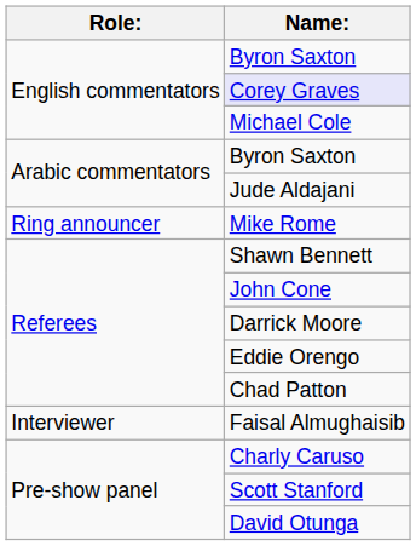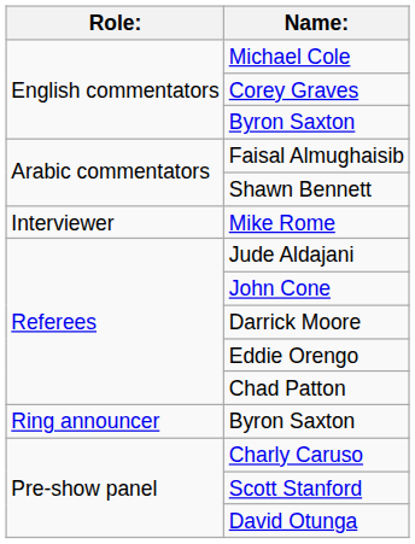 <table class=wikitable style="font-size:90%; margin: 0.5em 0 0.5em 1em; float: right; clear: right;">
 <tr>
 <th>Role:</th>
 <th>Name:</th>
 </tr>
 <tr>
 <td rowspan=3>English commentators</td>
+<td><a href='#'>Michael Cole</a></td>
+</tr>
+<tr>
+<td><a href='#'>Corey Graves</a></td>
+</tr>
+<tr>
 <td><a href='#'>Byron Saxton</a></td>
 </tr>
 <tr>
-<td style="background: lavender;"><a href='#'>Corey Graves</a></td>
+<td rowspan=2>Arabic commentators</td>
+<td>Faisal Almughaisib</td>
 </tr>
 <tr>
-<td><a href='#'>Michael Cole</a></td>
+<td>Shawn Bennett</td>
 </tr>
 <tr>
-<td rowspan=2>Arabic commentators</td>
-<td>Byron Saxton</td>
-</tr>
-<tr>
-<td>Jude Aldajani</td>
-</tr>
-<tr>
-<td><a href='#'>Ring announcer</a></td>
+<td>Interviewer</td>
 <td><a href='#'>Mike Rome</a></td>
 </tr>
 <tr>
 <td rowspan=5><a href='#'>Referees</a></td>
-<td>Shawn Bennett</td>
+<td>Jude Aldajani</td>
 </tr>
 <tr>
 <td><a href='#'>John Cone</a></td>
 </tr>
 <tr>
 <td>Darrick Moore</td>
 </tr>
 <tr>
 <td>Eddie Orengo</td>
 </tr>
 <tr>
 <td>Chad Patton</td>
 </tr>
 <tr>
-<td>Interviewer</td>
-<td>Faisal Almughaisib</td>
+<td><a href='#'>Ring announcer</a></td>
+<td>Byron Saxton</td>
 </tr>
 <tr>
 <td rowspan=3>Pre-show panel</td>
 <td><a href='#'>Charly Caruso</a></td>
 </tr>
 <tr>
 <td><a href='#'>Scott Stanford</a></td>
 </tr>
 <tr>
 <td><a href='#'>David Otunga</a></td>
 </tr>
 </table>
